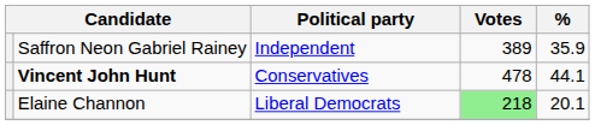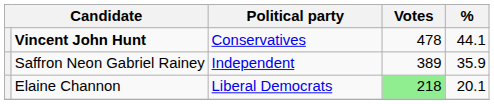 <table class="wikitable">
 <tr>
 <th valign=top colspan="2" style="width: 180px">Candidate</th>
 <th valign=top style="width: 180px">Political party</th>
 <th valign=top style="width: 60px">Votes</th>
 <th valign=top style="width: 40px">%</th>
 </tr>
 <tr>
 <th style="background-color: "></th>
+<td><strong>Vincent John Hunt</strong></td>
+<td><a href='#'>Conservatives</a></td>
+<td align="right">478</td>
+<td align="right">44.1</td>
+</tr>
+<tr>
+<th style="background-color: "></th>
 <td>Saffron Neon Gabriel Rainey</td>
 <td><a href='#'>Independent</a></td>
 <td align="right">389</td>
 <td align="right">35.9</td>
-</tr>
-<tr>
-<th style="background-color: "></th>
-<td><strong>Vincent John Hunt</strong></td>
-<td><a href='#'>Conservatives</a></td>
-<td align="right">478</td>
-<td align="right">44.1</td>
 </tr>
 <tr>
 <th style="background-color: "></th>
 <td>Elaine Channon</td>
 <td><a href='#'>Liberal Democrats</a></td>
 <td align="right" style="background: lightgreen;">218</td>
 <td align="right">20.1</td>
 </tr>
 <tr>
 </tr>
 </table>
